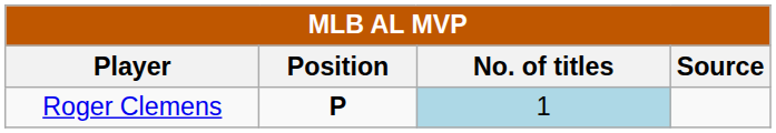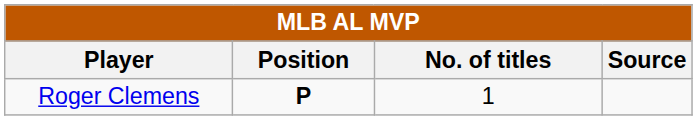 <table class="wikitable" style="text-align:center">
 <tr>
 <td colspan="5" style= "background: #BF5700; color:white"><strong>MLB AL MVP</strong></td>
 </tr>
 <tr>
 <th style="width:150px; ">Player</th>
 <th style="width:90px; ">Position</th>
 <th style="width:150px; ">No. of titles</th>
 <th style="width:50px; ">Source</th>
 </tr>
 <tr>
 <td><a href='#'>Roger Clemens</a></td>
 <td><strong>P</strong></td>
-<td style="background: lightblue;">1</td>
+<td>1</td>
 <td></td>
 </tr>
 </table>
